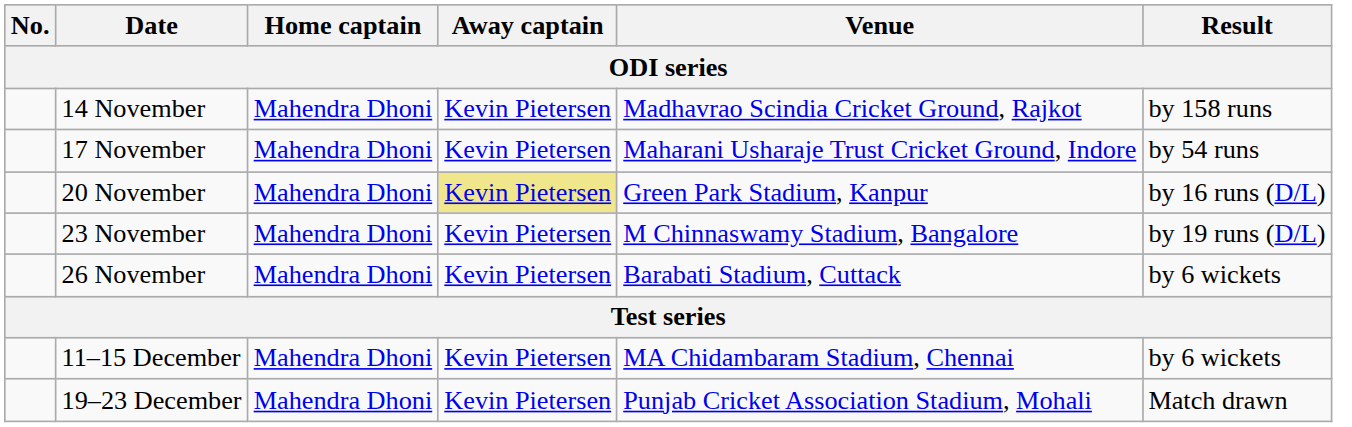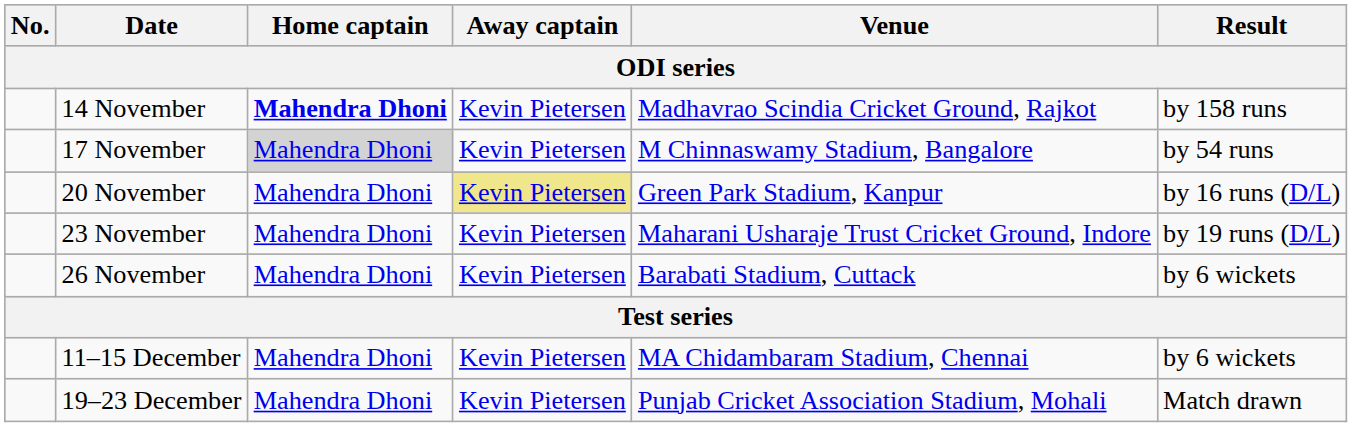 <table class="wikitable">
 <tr>
 <th>No.</th>
 <th>Date</th>
 <th>Home captain</th>
 <th>Away captain</th>
 <th>Venue</th>
 <th>Result</th>
 </tr>
 <tr>
 <th colspan="9">ODI series</th>
 </tr>
 <tr>
 <td></td>
 <td>14 November</td>
-<td><a href='#'>Mahendra Dhoni</a></td>
+<td><strong><a href='#'>Mahendra Dhoni</a></strong></td>
 <td><a href='#'>Kevin Pietersen</a></td>
 <td><a href='#'>Madhavrao Scindia Cricket Ground</a>, <a href='#'>Rajkot</a></td>
 <td> by 158 runs</td>
 </tr>
 <tr>
 <td></td>
 <td>17 November</td>
-<td><a href='#'>Mahendra Dhoni</a></td>
+<td style="background: lightgrey;"><a href='#'>Mahendra Dhoni</a></td>
 <td><a href='#'>Kevin Pietersen</a></td>
-<td><a href='#'>Maharani Usharaje Trust Cricket Ground</a>, <a href='#'>Indore</a></td>
+<td><a href='#'>M Chinnaswamy Stadium</a>, <a href='#'>Bangalore</a></td>
 <td> by 54 runs</td>
 </tr>
 <tr>
 <td></td>
 <td>20 November</td>
 <td><a href='#'>Mahendra Dhoni</a></td>
 <td style="background: khaki;"><a href='#'>Kevin Pietersen</a></td>
 <td><a href='#'>Green Park Stadium</a>, <a href='#'>Kanpur</a></td>
 <td> by 16 runs (<a href='#'>D/L</a>)</td>
 </tr>
 <tr>
 <td></td>
 <td>23 November</td>
 <td><a href='#'>Mahendra Dhoni</a></td>
 <td><a href='#'>Kevin Pietersen</a></td>
-<td><a href='#'>M Chinnaswamy Stadium</a>, <a href='#'>Bangalore</a></td>
+<td><a href='#'>Maharani Usharaje Trust Cricket Ground</a>, <a href='#'>Indore</a></td>
 <td> by 19 runs (<a href='#'>D/L</a>)</td>
 </tr>
 <tr>
 <td></td>
 <td>26 November</td>
 <td><a href='#'>Mahendra Dhoni</a></td>
 <td><a href='#'>Kevin Pietersen</a></td>
 <td><a href='#'>Barabati Stadium</a>, <a href='#'>Cuttack</a></td>
 <td> by 6 wickets</td>
 </tr>
 <tr>
 <th colspan="9">Test series</th>
 </tr>
 <tr>
 <td></td>
 <td>11–15 December</td>
 <td><a href='#'>Mahendra Dhoni</a></td>
 <td><a href='#'>Kevin Pietersen</a></td>
 <td><a href='#'>MA Chidambaram Stadium</a>, <a href='#'>Chennai</a></td>
 <td> by 6 wickets</td>
 </tr>
 <tr>
 <td></td>
 <td>19–23 December</td>
 <td><a href='#'>Mahendra Dhoni</a></td>
 <td><a href='#'>Kevin Pietersen</a></td>
 <td><a href='#'>Punjab Cricket Association Stadium</a>, <a href='#'>Mohali</a></td>
 <td>Match drawn</td>
 </tr>
 </table>
